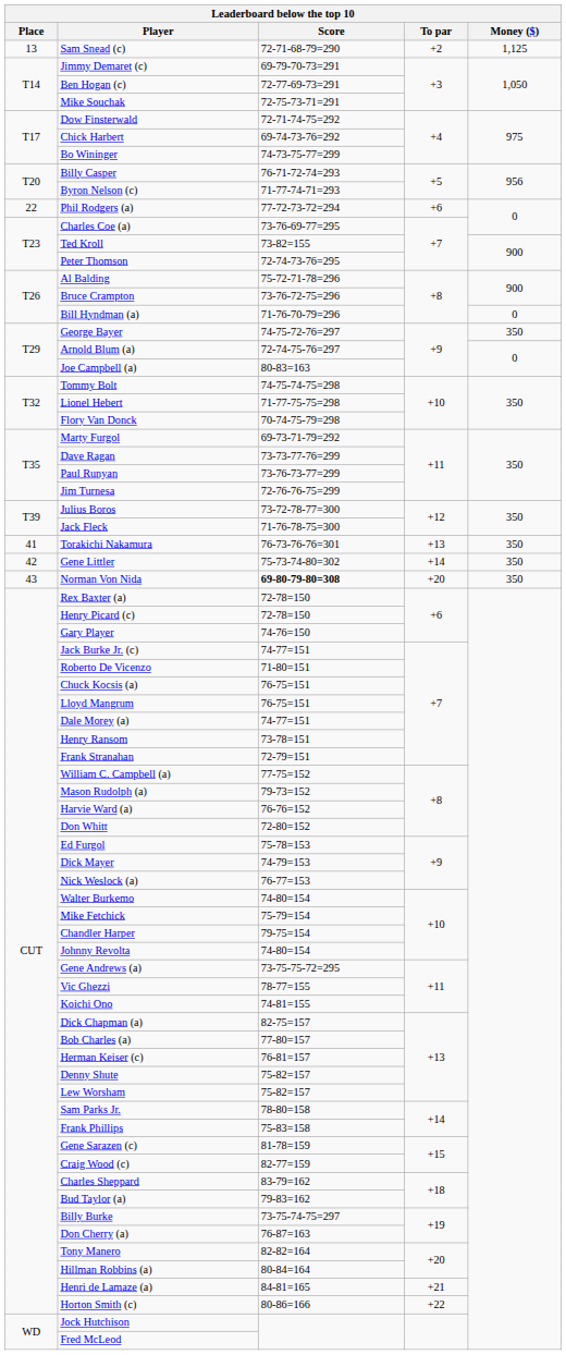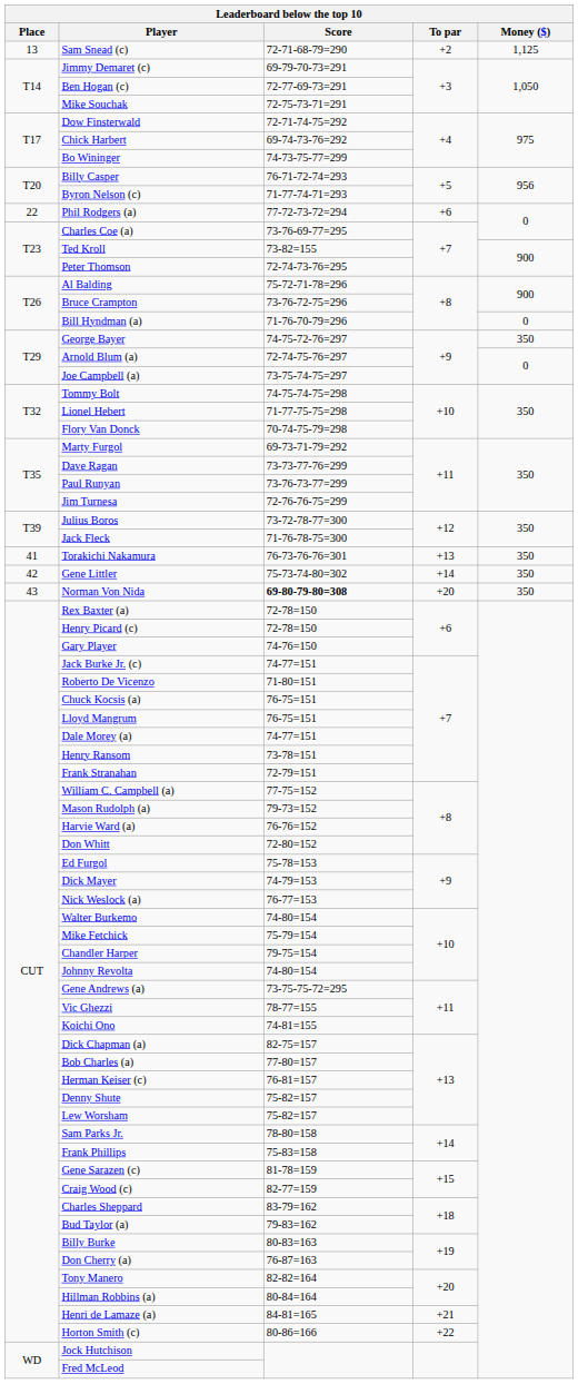 <table class="collapsible collapsed wikitable" style="width:50em;margin-top:-1px;">
 <tr>
 <th scope="col" colspan="6">Leaderboard below the top 10</th>
 </tr>
 <tr>
 <th>Place</th>
 <th>Player</th>
 <th>Score</th>
 <th>To par</th>
 <th>Money (<a href='#'>$</a>)</th>
 </tr>
 <tr>
 <td align=center>13</td>
 <td> <a href='#'>Sam Snead</a> (c)</td>
 <td>72-71-68-79=290</td>
 <td align=center>+2</td>
 <td align=center>1,125</td>
 </tr>
 <tr>
 <td rowspan=3 align=center>T14</td>
 <td> <a href='#'>Jimmy Demaret</a> (c)</td>
 <td>69-79-70-73=291</td>
 <td rowspan=3 align=center>+3</td>
 <td rowspan=3 align=center>1,050</td>
 </tr>
 <tr>
 <td> <a href='#'>Ben Hogan</a> (c)</td>
 <td>72-77-69-73=291</td>
 </tr>
 <tr>
 <td> <a href='#'>Mike Souchak</a></td>
 <td>72-75-73-71=291</td>
 </tr>
 <tr>
 <td rowspan=3 align=center>T17</td>
 <td> <a href='#'>Dow Finsterwald</a></td>
 <td>72-71-74-75=292</td>
 <td rowspan=3 align=center>+4</td>
 <td rowspan=3 align=center>975</td>
 </tr>
 <tr>
 <td> <a href='#'>Chick Harbert</a></td>
 <td>69-74-73-76=292</td>
 </tr>
 <tr>
 <td> <a href='#'>Bo Wininger</a></td>
 <td>74-73-75-77=299</td>
 </tr>
 <tr>
 <td rowspan=2 align=center>T20</td>
 <td> <a href='#'>Billy Casper</a></td>
 <td>76-71-72-74=293</td>
 <td rowspan=2 align=center>+5</td>
 <td rowspan=2 align=center>956</td>
 </tr>
 <tr>
 <td> <a href='#'>Byron Nelson</a> (c)</td>
 <td>71-77-74-71=293</td>
 </tr>
 <tr>
 <td align=center>22</td>
 <td> <a href='#'>Phil Rodgers</a> (a)</td>
 <td>77-72-73-72=294</td>
 <td align=center>+6</td>
 <td rowspan=2 align=center>0</td>
 </tr>
 <tr>
 <td rowspan=3 align=center>T23</td>
 <td> <a href='#'>Charles Coe</a> (a)</td>
 <td>73-76-69-77=295</td>
 <td rowspan=3 align=center>+7</td>
 </tr>
 <tr>
 <td> <a href='#'>Ted Kroll</a></td>
 <td>73-82=155</td>
 <td rowspan=2 align=center>900</td>
 </tr>
 <tr>
 <td> <a href='#'>Peter Thomson</a></td>
 <td>72-74-73-76=295</td>
 </tr>
 <tr>
 <td rowspan=3 align=center>T26</td>
 <td> <a href='#'>Al Balding</a></td>
 <td>75-72-71-78=296</td>
 <td rowspan=3 align=center>+8</td>
 <td rowspan=2 align=center>900</td>
 </tr>
 <tr>
 <td> <a href='#'>Bruce Crampton</a></td>
 <td>73-76-72-75=296</td>
 </tr>
 <tr>
 <td> <a href='#'>Bill Hyndman</a> (a)</td>
 <td>71-76-70-79=296</td>
 <td align=center>0</td>
 </tr>
 <tr>
 <td rowspan=3 align=center>T29</td>
 <td> <a href='#'>George Bayer</a></td>
 <td>74-75-72-76=297</td>
 <td rowspan=3 align=center>+9</td>
 <td align=center>350</td>
 </tr>
 <tr>
 <td> <a href='#'>Arnold Blum</a> (a)</td>
 <td>72-74-75-76=297</td>
 <td rowspan=2 align=center>0</td>
 </tr>
 <tr>
 <td> <a href='#'>Joe Campbell</a> (a)</td>
-<td>80-83=163</td>
+<td>73-75-74-75=297</td>
 </tr>
 <tr>
 <td rowspan=3 align=center>T32</td>
 <td> <a href='#'>Tommy Bolt</a></td>
 <td>74-75-74-75=298</td>
 <td rowspan=3 align=center>+10</td>
 <td rowspan=3 align=center>350</td>
 </tr>
 <tr>
 <td> <a href='#'>Lionel Hebert</a></td>
 <td>71-77-75-75=298</td>
 </tr>
 <tr>
 <td> <a href='#'>Flory Van Donck</a></td>
 <td>70-74-75-79=298</td>
 </tr>
 <tr>
 <td rowspan=4 align=center>T35</td>
 <td> <a href='#'>Marty Furgol</a></td>
 <td>69-73-71-79=292</td>
 <td rowspan=4 align=center>+11</td>
 <td rowspan=4 align=center>350</td>
 </tr>
 <tr>
 <td> <a href='#'>Dave Ragan</a></td>
 <td>73-73-77-76=299</td>
 </tr>
 <tr>
 <td> <a href='#'>Paul Runyan</a></td>
 <td>73-76-73-77=299</td>
 </tr>
 <tr>
 <td> <a href='#'>Jim Turnesa</a></td>
 <td>72-76-76-75=299</td>
 </tr>
 <tr>
 <td rowspan=2 align=center>T39</td>
 <td> <a href='#'>Julius Boros</a></td>
 <td>73-72-78-77=300</td>
 <td rowspan=2 align=center>+12</td>
 <td rowspan=2 align=center>350</td>
 </tr>
 <tr>
 <td> <a href='#'>Jack Fleck</a></td>
 <td>71-76-78-75=300</td>
 </tr>
 <tr>
 <td align=center>41</td>
 <td> <a href='#'>Torakichi Nakamura</a></td>
 <td>76-73-76-76=301</td>
 <td align=center>+13</td>
 <td align=center>350</td>
 </tr>
 <tr>
 <td align=center>42</td>
 <td> <a href='#'>Gene Littler</a></td>
 <td>75-73-74-80=302</td>
 <td align=center>+14</td>
 <td align=center>350</td>
 </tr>
 <tr>
 <td align=center>43</td>
 <td> <a href='#'>Norman Von Nida</a></td>
 <td><strong>69-80-79-80=308</strong></td>
 <td align=center>+20</td>
 <td align=center>350</td>
 </tr>
 <tr>
 <td rowspan=41 align=center>CUT</td>
 <td> <a href='#'>Rex Baxter</a> (a)</td>
 <td>72-78=150</td>
 <td rowspan=3 align=center>+6</td>
 <td rowspan=43 align=center></td>
 </tr>
 <tr>
 <td> <a href='#'>Henry Picard</a> (c)</td>
 <td>72-78=150</td>
 </tr>
 <tr>
 <td> <a href='#'>Gary Player</a></td>
 <td>74-76=150</td>
 </tr>
 <tr>
 <td> <a href='#'>Jack Burke Jr.</a> (c)</td>
 <td>74-77=151</td>
 <td rowspan=7 align=center>+7</td>
 </tr>
 <tr>
 <td> <a href='#'>Roberto De Vicenzo</a></td>
 <td>71-80=151</td>
 </tr>
 <tr>
 <td> <a href='#'>Chuck Kocsis</a> (a)</td>
 <td>76-75=151</td>
 </tr>
 <tr>
 <td> <a href='#'>Lloyd Mangrum</a></td>
 <td>76-75=151</td>
 </tr>
 <tr>
 <td> <a href='#'>Dale Morey</a> (a)</td>
 <td>74-77=151</td>
 </tr>
 <tr>
 <td> <a href='#'>Henry Ransom</a></td>
 <td>73-78=151</td>
 </tr>
 <tr>
 <td> <a href='#'>Frank Stranahan</a></td>
 <td>72-79=151</td>
 </tr>
 <tr>
 <td> <a href='#'>William C. Campbell</a> (a)</td>
 <td>77-75=152</td>
 <td rowspan=4 align=center>+8</td>
 </tr>
 <tr>
 <td> <a href='#'>Mason Rudolph</a> (a)</td>
 <td>79-73=152</td>
 </tr>
 <tr>
 <td> <a href='#'>Harvie Ward</a> (a)</td>
 <td>76-76=152</td>
 </tr>
 <tr>
 <td> <a href='#'>Don Whitt</a></td>
 <td>72-80=152</td>
 </tr>
 <tr>
 <td> <a href='#'>Ed Furgol</a></td>
 <td>75-78=153</td>
 <td rowspan=3 align=center>+9</td>
 </tr>
 <tr>
 <td> <a href='#'>Dick Mayer</a></td>
 <td>74-79=153</td>
 </tr>
 <tr>
 <td> <a href='#'>Nick Weslock</a> (a)</td>
 <td>76-77=153</td>
 </tr>
 <tr>
 <td> <a href='#'>Walter Burkemo</a></td>
 <td>74-80=154</td>
 <td rowspan=4 align=center>+10</td>
 </tr>
 <tr>
 <td> <a href='#'>Mike Fetchick</a></td>
 <td>75-79=154</td>
 </tr>
 <tr>
 <td> <a href='#'>Chandler Harper</a></td>
 <td>79-75=154</td>
 </tr>
 <tr>
 <td> <a href='#'>Johnny Revolta</a></td>
 <td>74-80=154</td>
 </tr>
 <tr>
 <td> <a href='#'>Gene Andrews</a> (a)</td>
 <td>73-75-75-72=295</td>
 <td rowspan=3 align=center>+11</td>
 </tr>
 <tr>
 <td> <a href='#'>Vic Ghezzi</a></td>
 <td>78-77=155</td>
 </tr>
 <tr>
 <td> <a href='#'>Koichi Ono</a></td>
 <td>74-81=155</td>
 </tr>
 <tr>
 <td> <a href='#'>Dick Chapman</a> (a)</td>
 <td>82-75=157</td>
 <td rowspan=5 align=center>+13</td>
 </tr>
 <tr>
 <td> <a href='#'>Bob Charles</a> (a)</td>
 <td>77-80=157</td>
 </tr>
 <tr>
 <td> <a href='#'>Herman Keiser</a> (c)</td>
 <td>76-81=157</td>
 </tr>
 <tr>
 <td> <a href='#'>Denny Shute</a></td>
 <td>75-82=157</td>
 </tr>
 <tr>
 <td> <a href='#'>Lew Worsham</a></td>
 <td>75-82=157</td>
 </tr>
 <tr>
 <td> <a href='#'>Sam Parks Jr.</a></td>
 <td>78-80=158</td>
 <td rowspan=2 align=center>+14</td>
 </tr>
 <tr>
 <td> <a href='#'>Frank Phillips</a></td>
 <td>75-83=158</td>
 </tr>
 <tr>
 <td> <a href='#'>Gene Sarazen</a> (c)</td>
 <td>81-78=159</td>
 <td rowspan=2 align=center>+15</td>
 </tr>
 <tr>
 <td> <a href='#'>Craig Wood</a> (c)</td>
 <td>82-77=159</td>
 </tr>
 <tr>
 <td> <a href='#'>Charles Sheppard</a></td>
 <td>83-79=162</td>
 <td rowspan=2 align=center>+18</td>
 </tr>
 <tr>
 <td> <a href='#'>Bud Taylor</a> (a)</td>
 <td>79-83=162</td>
 </tr>
 <tr>
 <td> <a href='#'>Billy Burke</a></td>
-<td>73-75-74-75=297</td>
+<td>80-83=163</td>
 <td rowspan=2 align=center>+19</td>
 </tr>
 <tr>
 <td> <a href='#'>Don Cherry</a> (a)</td>
 <td>76-87=163</td>
 </tr>
 <tr>
 <td> <a href='#'>Tony Manero</a></td>
 <td>82-82=164</td>
 <td rowspan=2 align=center>+20</td>
 </tr>
 <tr>
 <td> <a href='#'>Hillman Robbins</a> (a)</td>
 <td>80-84=164</td>
 </tr>
 <tr>
 <td> <a href='#'>Henri de Lamaze</a> (a)</td>
 <td>84-81=165</td>
 <td align=center>+21</td>
 </tr>
 <tr>
 <td> <a href='#'>Horton Smith</a> (c)</td>
 <td>80-86=166</td>
 <td align=center>+22</td>
 </tr>
 <tr>
 <td rowspan=2 align=center>WD</td>
 <td> <a href='#'>Jock Hutchison</a></td>
 <td rowspan=2></td>
 <td rowspan=2 align=center></td>
 </tr>
 <tr>
 <td> <a href='#'>Fred McLeod</a></td>
 </tr>
 </table>
